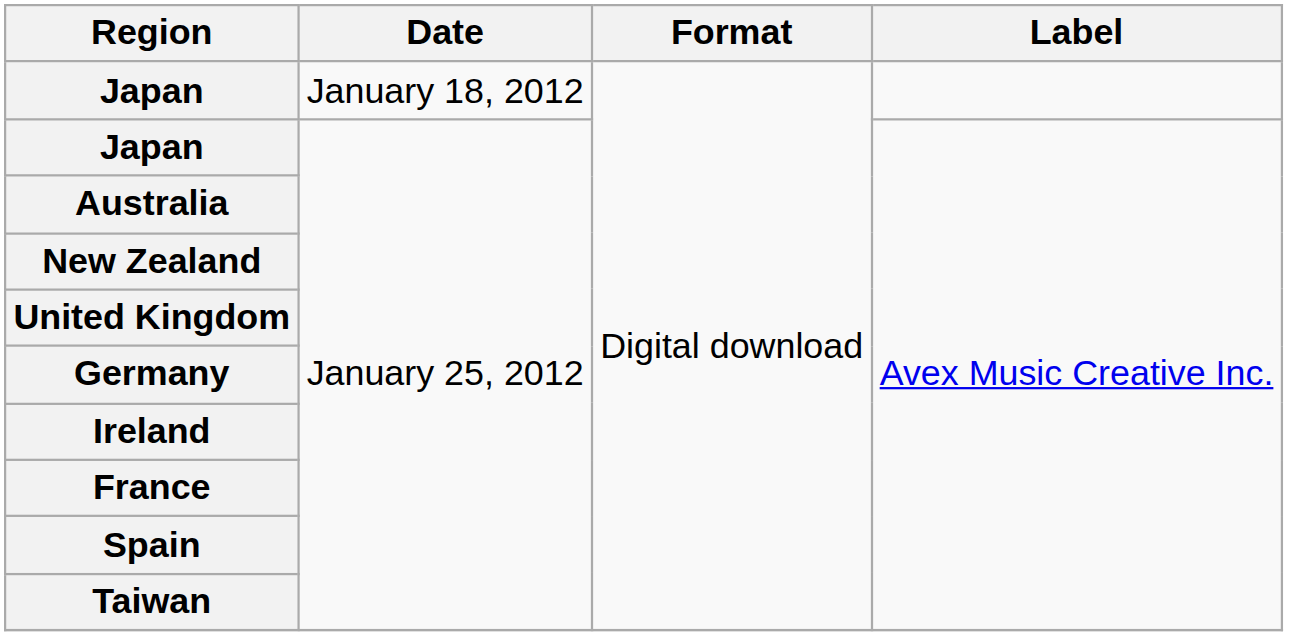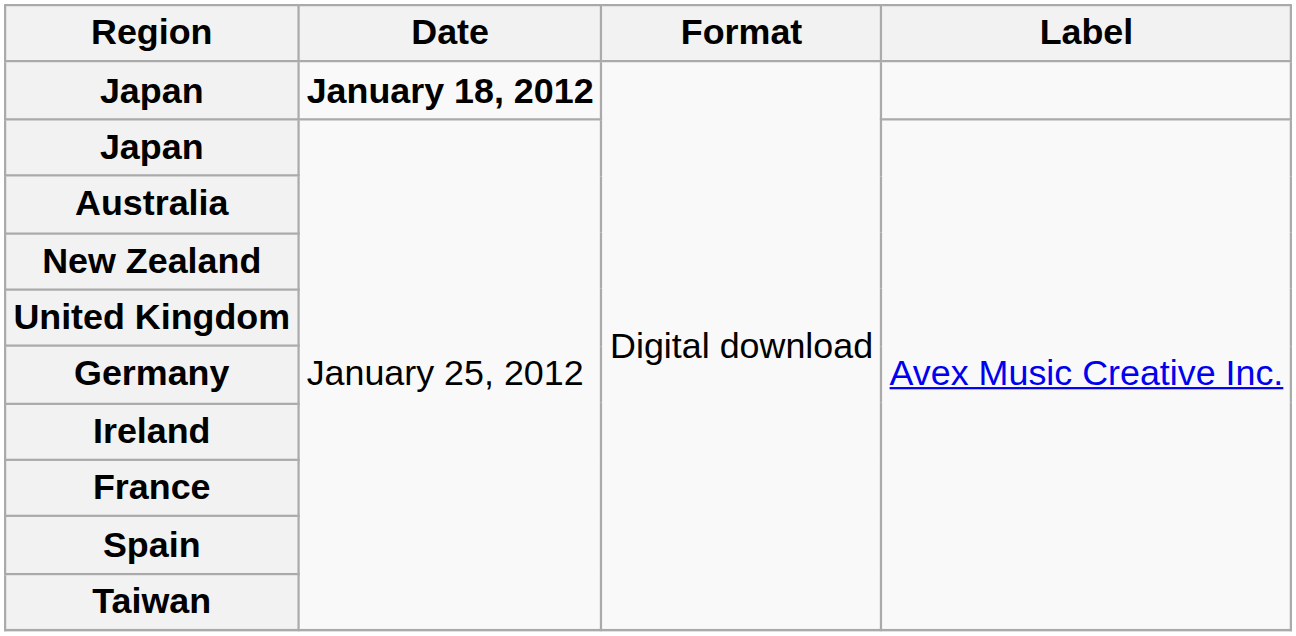 <table class="wikitable plainrowheaders">
 <tr>
 <th scope="col">Region</th>
 <th scope="col">Date</th>
 <th scope="col">Format</th>
 <th scope="col">Label</th>
 </tr>
 <tr>
 <th scope="row">Japan</th>
-<td>January 18, 2012</td>
+<td><strong>January 18, 2012</strong></td>
 <td rowspan="10">Digital download</td>
 <td></td>
 </tr>
 <tr>
 <th scope="row">Japan</th>
 <td rowspan="9">January 25, 2012</td>
 <td rowspan="9"><a href='#'>Avex Music Creative Inc.</a></td>
 </tr>
 <tr>
 <th scope="row">Australia</th>
 </tr>
 <tr>
 <th scope="row">New Zealand</th>
 </tr>
 <tr>
 <th scope="row">United Kingdom</th>
 </tr>
 <tr>
 <th scope="row">Germany</th>
 </tr>
 <tr>
 <th scope="row">Ireland</th>
 </tr>
 <tr>
 <th scope="row">France</th>
 </tr>
 <tr>
 <th scope="row">Spain</th>
 </tr>
 <tr>
 <th scope="row">Taiwan</th>
 </tr>
 <tr>
 </tr>
 </table>
